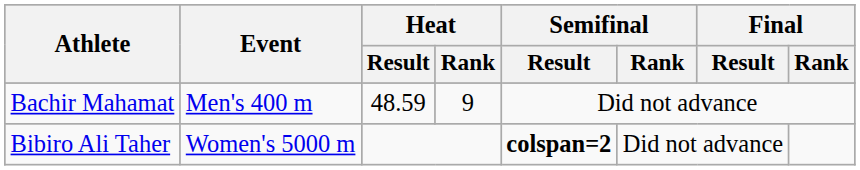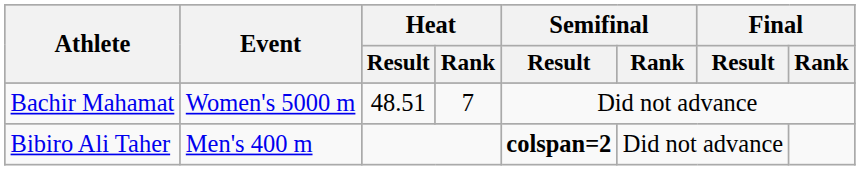 <table class="wikitable" style="font-size:90%">
 <tr>
 <th rowspan="2">Athlete</th>
 <th rowspan="2">Event</th>
 <th colspan="2">Heat</th>
 <th colspan="2">Semifinal</th>
 <th colspan="2">Final</th>
 </tr>
 <tr style="font-size:95%">
 <th>Result</th>
 <th>Rank</th>
 <th>Result</th>
 <th>Rank</th>
 <th>Result</th>
 <th>Rank</th>
 </tr>
 <tr align=center>
 <td align=left><a href='#'>Bachir Mahamat</a></td>
-<td align=left><a href='#'>Men's 400 m</a></td>
-<td>48.59</td>
-<td>9</td>
+<td align=left><a href='#'>Women's 5000 m</a></td>
+<td>48.51</td>
+<td>7</td>
 <td colspan=4>Did not advance</td>
 </tr>
 <tr align=center>
 <td align=left><a href='#'>Bibiro Ali Taher</a></td>
-<td align=left><a href='#'>Women's 5000 m</a></td>
+<td align=left><a href='#'>Men's 400 m</a></td>
 <td colspan=2></td>
 <td><strong>colspan=2 </strong></td>
 <td colspan=2>Did not advance</td>
 </tr>
 </table>
